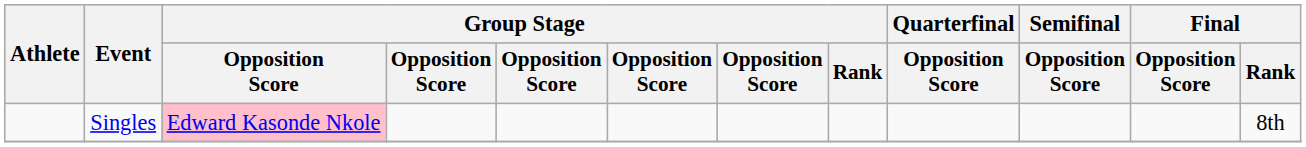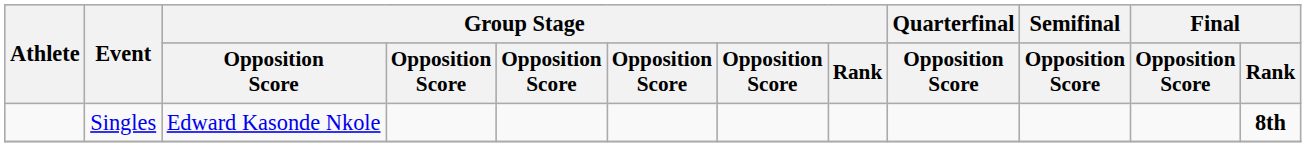 <table class="wikitable" style="font-size:88%">
 <tr>
 <th rowspan=2>Athlete</th>
 <th rowspan=2>Event</th>
 <th colspan=6>Group Stage</th>
 <th>Quarterfinal</th>
 <th>Semifinal</th>
 <th colspan=2>Final</th>
 </tr>
 <tr style="font-size:95%">
 <th>Opposition<br>Score</th>
 <th>Opposition<br>Score</th>
 <th>Opposition<br>Score</th>
 <th>Opposition<br>Score</th>
 <th>Opposition<br>Score</th>
 <th>Rank</th>
 <th>Opposition<br>Score</th>
 <th>Opposition<br>Score</th>
 <th>Opposition<br>Score</th>
 <th>Rank</th>
 </tr>
 <tr align=center>
 <td align=left></td>
 <td align=left><a href='#'>Singles</a></td>
-<td style="background: pink;"><a href='#'>Edward Kasonde Nkole</a></td>
+<td><a href='#'>Edward Kasonde Nkole</a></td>
 <td></td>
 <td></td>
 <td></td>
 <td></td>
 <td></td>
 <td></td>
 <td></td>
 <td></td>
-<td>8th</td>
+<td><strong>8th</strong></td>
 </tr>
 <tr align=center>
 </tr>
 </table>
